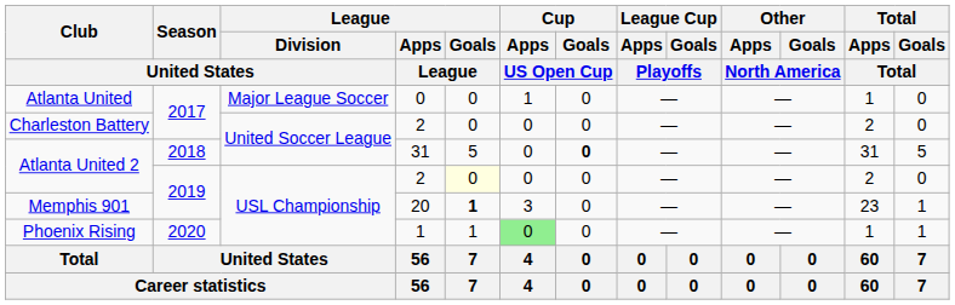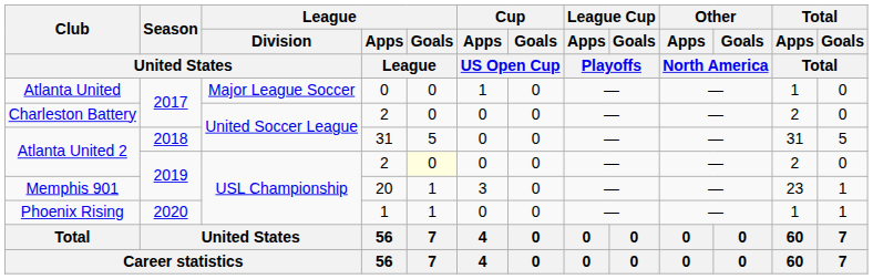 <table class="wikitable" style="text-align: center;">
 <tr>
 <th rowspan="2">Club</th>
 <th rowspan="2">Season</th>
 <th colspan="3">League</th>
 <th colspan="2">Cup</th>
 <th colspan="2">League Cup</th>
 <th colspan="2">Other</th>
 <th colspan="2">Total</th>
 </tr>
 <tr>
 <th>Division</th>
 <th>Apps</th>
 <th>Goals</th>
 <th>Apps</th>
 <th>Goals</th>
 <th>Apps</th>
 <th>Goals</th>
 <th>Apps</th>
 <th>Goals</th>
 <th>Apps</th>
 <th>Goals</th>
 </tr>
 <tr>
 <th colspan=3>United States</th>
 <th colspan=2>League</th>
 <th colspan=2><a href='#'>US Open Cup</a></th>
 <th colspan=2><a href='#'>Playoffs</a></th>
 <th colspan=2><a href='#'>North America</a></th>
 <th colspan=2>Total</th>
 </tr>
 <tr>
 <td><a href='#'>Atlanta United</a></td>
 <td rowspan="2"><a href='#'>2017</a></td>
 <td><a href='#'>Major League Soccer</a></td>
 <td>0</td>
 <td>0</td>
 <td>1</td>
 <td>0</td>
 <td colspan="2">—</td>
 <td colspan="2">—</td>
 <td>1</td>
 <td>0</td>
 </tr>
 <tr>
 <td><a href='#'>Charleston Battery</a></td>
 <td rowspan="2"><a href='#'>United Soccer League</a></td>
 <td>2</td>
 <td>0</td>
 <td>0</td>
 <td>0</td>
 <td colspan="2">—</td>
 <td colspan="2">—</td>
 <td>2</td>
 <td>0</td>
 </tr>
 <tr>
 <td rowspan="2"><a href='#'>Atlanta United 2</a></td>
 <td><a href='#'>2018</a></td>
 <td>31</td>
 <td>5</td>
 <td>0</td>
-<td><strong>0</strong></td>
+<td>0</td>
 <td colspan="2">—</td>
 <td colspan="2">—</td>
 <td>31</td>
 <td>5</td>
 </tr>
 <tr>
 <td rowspan="2"><a href='#'>2019</a></td>
 <td rowspan="3"><a href='#'>USL Championship</a></td>
 <td>2</td>
 <td style="background: lightyellow;">0</td>
 <td>0</td>
 <td>0</td>
 <td colspan="2">—</td>
 <td colspan="2">—</td>
 <td>2</td>
 <td>0</td>
 </tr>
 <tr>
 <td><a href='#'>Memphis 901</a></td>
 <td>20</td>
-<td><strong>1</strong></td>
+<td>1</td>
 <td>3</td>
 <td>0</td>
 <td colspan="2">—</td>
 <td colspan="2">—</td>
 <td>23</td>
 <td>1</td>
 </tr>
 <tr>
 <td><a href='#'>Phoenix Rising</a></td>
 <td><a href='#'>2020</a></td>
 <td>1</td>
 <td>1</td>
-<td style="background: lightgreen;">0</td>
+<td>0</td>
 <td>0</td>
 <td colspan="2">—</td>
 <td colspan="2">—</td>
 <td>1</td>
 <td>1</td>
 </tr>
 <tr>
 <th>Total</th>
 <th colspan="2">United States</th>
 <th>56</th>
 <th>7</th>
 <th>4</th>
 <th>0</th>
 <th>0</th>
 <th>0</th>
 <th>0</th>
 <th>0</th>
 <th>60</th>
 <th>7</th>
 </tr>
 <tr>
 <th colspan="3">Career statistics</th>
 <th>56</th>
 <th>7</th>
 <th>4</th>
 <th>0</th>
 <th>0</th>
 <th>0</th>
 <th>0</th>
 <th>0</th>
 <th>60</th>
 <th>7</th>
 </tr>
 </table>
